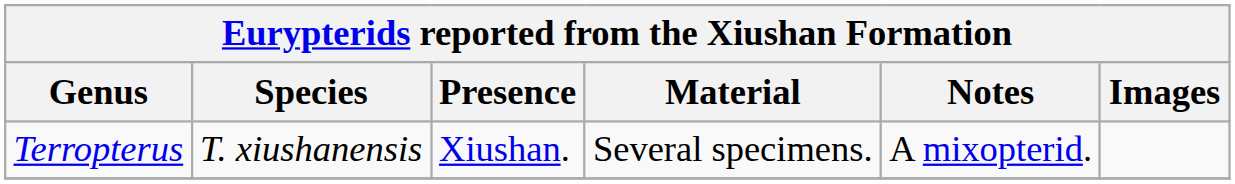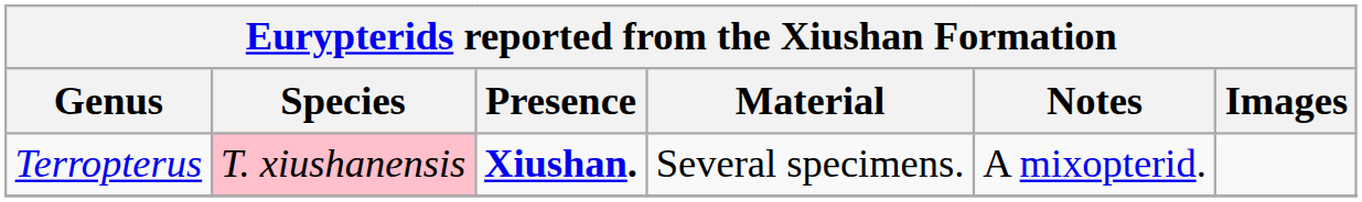 <table class="wikitable" align="center">
 <tr>
 <th colspan="6" align="center"><strong><a href='#'>Eurypterids</a> reported from the Xiushan Formation</strong></th>
 </tr>
 <tr>
 <th>Genus</th>
 <th>Species</th>
 <th>Presence</th>
 <th><strong>Material</strong></th>
 <th>Notes</th>
 <th>Images</th>
 </tr>
 <tr>
 <td><em><a href='#'>Terropterus</a></em></td>
-<td><em>T. xiushanensis</em></td>
-<td><a href='#'>Xiushan</a>.</td>
+<td style="background: pink;"><em>T. xiushanensis</em></td>
+<td><strong><a href='#'>Xiushan</a>.</strong></td>
 <td>Several specimens.</td>
 <td>A <a href='#'>mixopterid</a>.</td>
 <td></td>
 </tr>
 <tr>
 </tr>
 </table>
